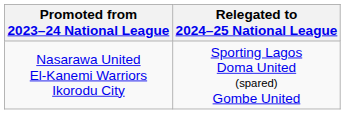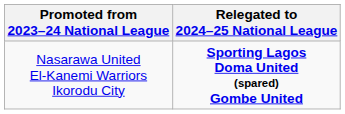 <table class="wikitable">
 <tr>
 <th> Promoted from<br><a href='#'>2023–24 National League</a></th>
 <th> Relegated to<br><a href='#'>2024–25 National League</a></th>
 </tr>
 <tr>
 <td align="center"><a href='#'>Nasarawa United</a><br><a href='#'>El-Kanemi Warriors</a><br><a href='#'>Ikorodu City</a><br></td>
-<td align="center"><a href='#'>Sporting Lagos</a><br><a href='#'>Doma United</a><br> <small>(spared)</small><br><a href='#'>Gombe United</a></td>
+<td align="center"><strong><a href='#'>Sporting Lagos</a><br><a href='#'>Doma United</a><br> <small>(spared)</small><br><a href='#'>Gombe United</a></strong></td>
 </tr>
 </table>
